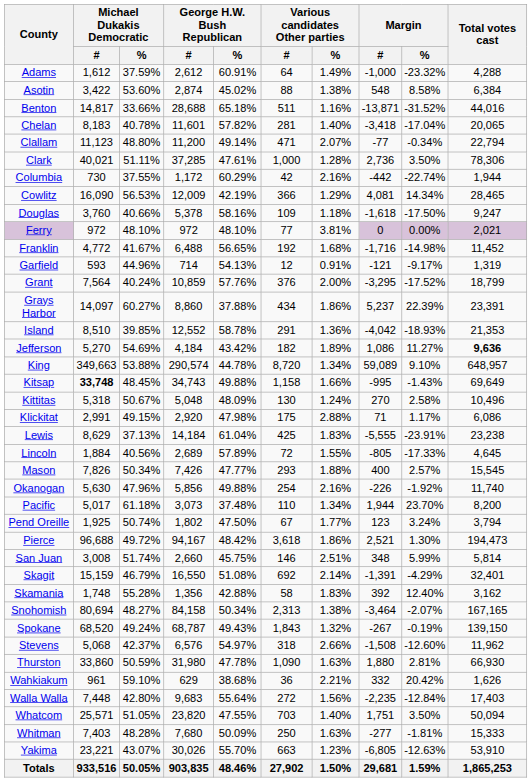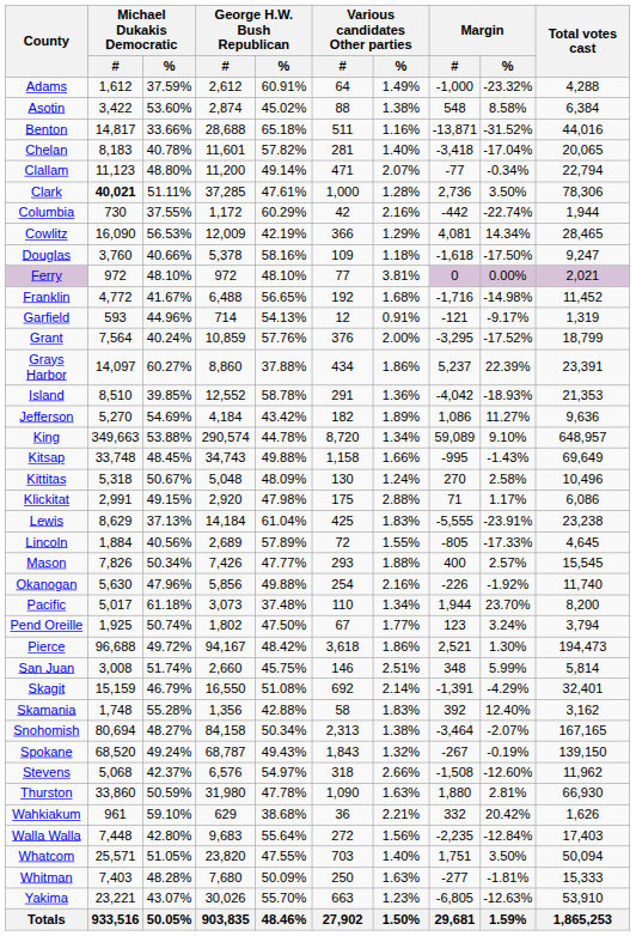 <table width="60%" class="wikitable sortable" style="text-align:center">
 <tr>
 <th style="text-align:center;" rowspan="2">County</th>
 <th style="text-align:center;" colspan="2">Michael Dukakis<br>Democratic</th>
 <th style="text-align:center;" colspan="2">George H.W. Bush<br>Republican</th>
 <th style="text-align:center;" colspan="2">Various candidates<br>Other parties</th>
 <th style="text-align:center;" colspan="2">Margin</th>
 <th style="text-align:center;" rowspan="2">Total votes cast</th>
 </tr>
 <tr>
 <th style="text-align:center;" data-sort-type="number">#</th>
 <th style="text-align:center;" data-sort-type="number">%</th>
 <th style="text-align:center;" data-sort-type="number">#</th>
 <th style="text-align:center;" data-sort-type="number">%</th>
 <th style="text-align:center;" data-sort-type="number">#</th>
 <th style="text-align:center;" data-sort-type="number">%</th>
 <th style="text-align:center;" data-sort-type="number">#</th>
 <th style="text-align:center;" data-sort-type="number">%</th>
 </tr>
 <tr style="text-align:center;">
 <td><a href='#'>Adams</a></td>
 <td>1,612</td>
 <td>37.59%</td>
 <td>2,612</td>
 <td>60.91%</td>
 <td>64</td>
 <td>1.49%</td>
 <td>-1,000</td>
 <td>-23.32%</td>
 <td>4,288</td>
 </tr>
 <tr style="text-align:center;">
 <td><a href='#'>Asotin</a></td>
 <td>3,422</td>
 <td>53.60%</td>
 <td>2,874</td>
 <td>45.02%</td>
 <td>88</td>
 <td>1.38%</td>
 <td>548</td>
 <td>8.58%</td>
 <td>6,384</td>
 </tr>
 <tr style="text-align:center;">
 <td><a href='#'>Benton</a></td>
 <td>14,817</td>
 <td>33.66%</td>
 <td>28,688</td>
 <td>65.18%</td>
 <td>511</td>
 <td>1.16%</td>
 <td>-13,871</td>
 <td>-31.52%</td>
 <td>44,016</td>
 </tr>
 <tr style="text-align:center;">
 <td><a href='#'>Chelan</a></td>
 <td>8,183</td>
 <td>40.78%</td>
 <td>11,601</td>
 <td>57.82%</td>
 <td>281</td>
 <td>1.40%</td>
 <td>-3,418</td>
 <td>-17.04%</td>
 <td>20,065</td>
 </tr>
 <tr style="text-align:center;">
 <td><a href='#'>Clallam</a></td>
 <td>11,123</td>
 <td>48.80%</td>
 <td>11,200</td>
 <td>49.14%</td>
 <td>471</td>
 <td>2.07%</td>
 <td>-77</td>
 <td>-0.34%</td>
 <td>22,794</td>
 </tr>
 <tr style="text-align:center;">
 <td><a href='#'>Clark</a></td>
-<td>40,021</td>
+<td><strong>40,021</strong></td>
 <td>51.11%</td>
 <td>37,285</td>
 <td>47.61%</td>
 <td>1,000</td>
 <td>1.28%</td>
 <td>2,736</td>
 <td>3.50%</td>
 <td>78,306</td>
 </tr>
 <tr style="text-align:center;">
 <td><a href='#'>Columbia</a></td>
 <td>730</td>
 <td>37.55%</td>
 <td>1,172</td>
 <td>60.29%</td>
 <td>42</td>
 <td>2.16%</td>
 <td>-442</td>
 <td>-22.74%</td>
 <td>1,944</td>
 </tr>
 <tr style="text-align:center;">
 <td><a href='#'>Cowlitz</a></td>
 <td>16,090</td>
 <td>56.53%</td>
 <td>12,009</td>
 <td>42.19%</td>
 <td>366</td>
 <td>1.29%</td>
 <td>4,081</td>
 <td>14.34%</td>
 <td>28,465</td>
 </tr>
 <tr style="text-align:center;">
 <td><a href='#'>Douglas</a></td>
 <td>3,760</td>
 <td>40.66%</td>
 <td>5,378</td>
 <td>58.16%</td>
 <td>109</td>
 <td>1.18%</td>
 <td>-1,618</td>
 <td>-17.50%</td>
 <td>9,247</td>
 </tr>
 <tr style="text-align:center;">
 <td style="background:#d8c2da"><a href='#'>Ferry</a></td>
 <td>972</td>
 <td>48.10%</td>
 <td>972</td>
 <td>48.10%</td>
 <td>77</td>
 <td>3.81%</td>
 <td style="background:#d8c2da">0</td>
 <td style="background:#d8c2da">0.00%</td>
 <td style="background:#d8c2da">2,021</td>
 </tr>
 <tr style="text-align:center;">
 <td><a href='#'>Franklin</a></td>
 <td>4,772</td>
 <td>41.67%</td>
 <td>6,488</td>
 <td>56.65%</td>
 <td>192</td>
 <td>1.68%</td>
 <td>-1,716</td>
 <td>-14.98%</td>
 <td>11,452</td>
 </tr>
 <tr style="text-align:center;">
 <td><a href='#'>Garfield</a></td>
 <td>593</td>
 <td>44.96%</td>
 <td>714</td>
 <td>54.13%</td>
 <td>12</td>
 <td>0.91%</td>
 <td>-121</td>
 <td>-9.17%</td>
 <td>1,319</td>
 </tr>
 <tr style="text-align:center;">
 <td><a href='#'>Grant</a></td>
 <td>7,564</td>
 <td>40.24%</td>
 <td>10,859</td>
 <td>57.76%</td>
 <td>376</td>
 <td>2.00%</td>
 <td>-3,295</td>
 <td>-17.52%</td>
 <td>18,799</td>
 </tr>
 <tr style="text-align:center;">
 <td><a href='#'>Grays Harbor</a></td>
 <td>14,097</td>
 <td>60.27%</td>
 <td>8,860</td>
 <td>37.88%</td>
 <td>434</td>
 <td>1.86%</td>
 <td>5,237</td>
 <td>22.39%</td>
 <td>23,391</td>
 </tr>
 <tr style="text-align:center;">
 <td><a href='#'>Island</a></td>
 <td>8,510</td>
 <td>39.85%</td>
 <td>12,552</td>
 <td>58.78%</td>
 <td>291</td>
 <td>1.36%</td>
 <td>-4,042</td>
 <td>-18.93%</td>
 <td>21,353</td>
 </tr>
 <tr style="text-align:center;">
 <td><a href='#'>Jefferson</a></td>
 <td>5,270</td>
 <td>54.69%</td>
 <td>4,184</td>
 <td>43.42%</td>
 <td>182</td>
 <td>1.89%</td>
 <td>1,086</td>
 <td>11.27%</td>
-<td><strong>9,636</strong></td>
+<td>9,636</td>
 </tr>
 <tr style="text-align:center;">
 <td><a href='#'>King</a></td>
 <td>349,663</td>
 <td>53.88%</td>
 <td>290,574</td>
 <td>44.78%</td>
 <td>8,720</td>
 <td>1.34%</td>
 <td>59,089</td>
 <td>9.10%</td>
 <td>648,957</td>
 </tr>
 <tr style="text-align:center;">
 <td><a href='#'>Kitsap</a></td>
-<td><strong>33,748</strong></td>
+<td>33,748</td>
 <td>48.45%</td>
 <td>34,743</td>
 <td>49.88%</td>
 <td>1,158</td>
 <td>1.66%</td>
 <td>-995</td>
 <td>-1.43%</td>
 <td>69,649</td>
 </tr>
 <tr style="text-align:center;">
 <td><a href='#'>Kittitas</a></td>
 <td>5,318</td>
 <td>50.67%</td>
 <td>5,048</td>
 <td>48.09%</td>
 <td>130</td>
 <td>1.24%</td>
 <td>270</td>
 <td>2.58%</td>
 <td>10,496</td>
 </tr>
 <tr style="text-align:center;">
 <td><a href='#'>Klickitat</a></td>
 <td>2,991</td>
 <td>49.15%</td>
 <td>2,920</td>
 <td>47.98%</td>
 <td>175</td>
 <td>2.88%</td>
 <td>71</td>
 <td>1.17%</td>
 <td>6,086</td>
 </tr>
 <tr style="text-align:center;">
 <td><a href='#'>Lewis</a></td>
 <td>8,629</td>
 <td>37.13%</td>
 <td>14,184</td>
 <td>61.04%</td>
 <td>425</td>
 <td>1.83%</td>
 <td>-5,555</td>
 <td>-23.91%</td>
 <td>23,238</td>
 </tr>
 <tr style="text-align:center;">
 <td><a href='#'>Lincoln</a></td>
 <td>1,884</td>
 <td>40.56%</td>
 <td>2,689</td>
 <td>57.89%</td>
 <td>72</td>
 <td>1.55%</td>
 <td>-805</td>
 <td>-17.33%</td>
 <td>4,645</td>
 </tr>
 <tr style="text-align:center;">
 <td><a href='#'>Mason</a></td>
 <td>7,826</td>
 <td>50.34%</td>
 <td>7,426</td>
 <td>47.77%</td>
 <td>293</td>
 <td>1.88%</td>
 <td>400</td>
 <td>2.57%</td>
 <td>15,545</td>
 </tr>
 <tr style="text-align:center;">
 <td><a href='#'>Okanogan</a></td>
 <td>5,630</td>
 <td>47.96%</td>
 <td>5,856</td>
 <td>49.88%</td>
 <td>254</td>
 <td>2.16%</td>
 <td>-226</td>
 <td>-1.92%</td>
 <td>11,740</td>
 </tr>
 <tr style="text-align:center;">
 <td><a href='#'>Pacific</a></td>
 <td>5,017</td>
 <td>61.18%</td>
 <td>3,073</td>
 <td>37.48%</td>
 <td>110</td>
 <td>1.34%</td>
 <td>1,944</td>
 <td>23.70%</td>
 <td>8,200</td>
 </tr>
 <tr style="text-align:center;">
 <td><a href='#'>Pend Oreille</a></td>
 <td>1,925</td>
 <td>50.74%</td>
 <td>1,802</td>
 <td>47.50%</td>
 <td>67</td>
 <td>1.77%</td>
 <td>123</td>
 <td>3.24%</td>
 <td>3,794</td>
 </tr>
 <tr style="text-align:center;">
 <td><a href='#'>Pierce</a></td>
 <td>96,688</td>
 <td>49.72%</td>
 <td>94,167</td>
 <td>48.42%</td>
 <td>3,618</td>
 <td>1.86%</td>
 <td>2,521</td>
 <td>1.30%</td>
 <td>194,473</td>
 </tr>
 <tr style="text-align:center;">
 <td><a href='#'>San Juan</a></td>
 <td>3,008</td>
 <td>51.74%</td>
 <td>2,660</td>
 <td>45.75%</td>
 <td>146</td>
 <td>2.51%</td>
 <td>348</td>
 <td>5.99%</td>
 <td>5,814</td>
 </tr>
 <tr style="text-align:center;">
 <td><a href='#'>Skagit</a></td>
 <td>15,159</td>
 <td>46.79%</td>
 <td>16,550</td>
 <td>51.08%</td>
 <td>692</td>
 <td>2.14%</td>
 <td>-1,391</td>
 <td>-4.29%</td>
 <td>32,401</td>
 </tr>
 <tr style="text-align:center;">
 <td><a href='#'>Skamania</a></td>
 <td>1,748</td>
 <td>55.28%</td>
 <td>1,356</td>
 <td>42.88%</td>
 <td>58</td>
 <td>1.83%</td>
 <td>392</td>
 <td>12.40%</td>
 <td>3,162</td>
 </tr>
 <tr style="text-align:center;">
 <td><a href='#'>Snohomish</a></td>
 <td>80,694</td>
 <td>48.27%</td>
 <td>84,158</td>
 <td>50.34%</td>
 <td>2,313</td>
 <td>1.38%</td>
 <td>-3,464</td>
 <td>-2.07%</td>
 <td>167,165</td>
 </tr>
 <tr style="text-align:center;">
 <td><a href='#'>Spokane</a></td>
 <td>68,520</td>
 <td>49.24%</td>
 <td>68,787</td>
 <td>49.43%</td>
 <td>1,843</td>
 <td>1.32%</td>
 <td>-267</td>
 <td>-0.19%</td>
 <td>139,150</td>
 </tr>
 <tr style="text-align:center;">
 <td><a href='#'>Stevens</a></td>
 <td>5,068</td>
 <td>42.37%</td>
 <td>6,576</td>
 <td>54.97%</td>
 <td>318</td>
 <td>2.66%</td>
 <td>-1,508</td>
 <td>-12.60%</td>
 <td>11,962</td>
 </tr>
 <tr style="text-align:center;">
 <td><a href='#'>Thurston</a></td>
 <td>33,860</td>
 <td>50.59%</td>
 <td>31,980</td>
 <td>47.78%</td>
 <td>1,090</td>
 <td>1.63%</td>
 <td>1,880</td>
 <td>2.81%</td>
 <td>66,930</td>
 </tr>
 <tr style="text-align:center;">
 <td><a href='#'>Wahkiakum</a></td>
 <td>961</td>
 <td>59.10%</td>
 <td>629</td>
 <td>38.68%</td>
 <td>36</td>
 <td>2.21%</td>
 <td>332</td>
 <td>20.42%</td>
 <td>1,626</td>
 </tr>
 <tr style="text-align:center;">
 <td><a href='#'>Walla Walla</a></td>
 <td>7,448</td>
 <td>42.80%</td>
 <td>9,683</td>
 <td>55.64%</td>
 <td>272</td>
 <td>1.56%</td>
 <td>-2,235</td>
 <td>-12.84%</td>
 <td>17,403</td>
 </tr>
 <tr style="text-align:center;">
 <td><a href='#'>Whatcom</a></td>
 <td>25,571</td>
 <td>51.05%</td>
 <td>23,820</td>
 <td>47.55%</td>
 <td>703</td>
 <td>1.40%</td>
 <td>1,751</td>
 <td>3.50%</td>
 <td>50,094</td>
 </tr>
 <tr style="text-align:center;">
 <td><a href='#'>Whitman</a></td>
 <td>7,403</td>
 <td>48.28%</td>
 <td>7,680</td>
 <td>50.09%</td>
 <td>250</td>
 <td>1.63%</td>
 <td>-277</td>
 <td>-1.81%</td>
 <td>15,333</td>
 </tr>
 <tr style="text-align:center;">
 <td><a href='#'>Yakima</a></td>
 <td>23,221</td>
 <td>43.07%</td>
 <td>30,026</td>
 <td>55.70%</td>
 <td>663</td>
 <td>1.23%</td>
 <td>-6,805</td>
 <td>-12.63%</td>
 <td>53,910</td>
 </tr>
 <tr style="text-align:center;">
 <th>Totals</th>
 <th>933,516</th>
 <th>50.05%</th>
 <th>903,835</th>
 <th>48.46%</th>
 <th>27,902</th>
 <th>1.50%</th>
 <th>29,681</th>
 <th>1.59%</th>
 <th>1,865,253</th>
 </tr>
 </table>
